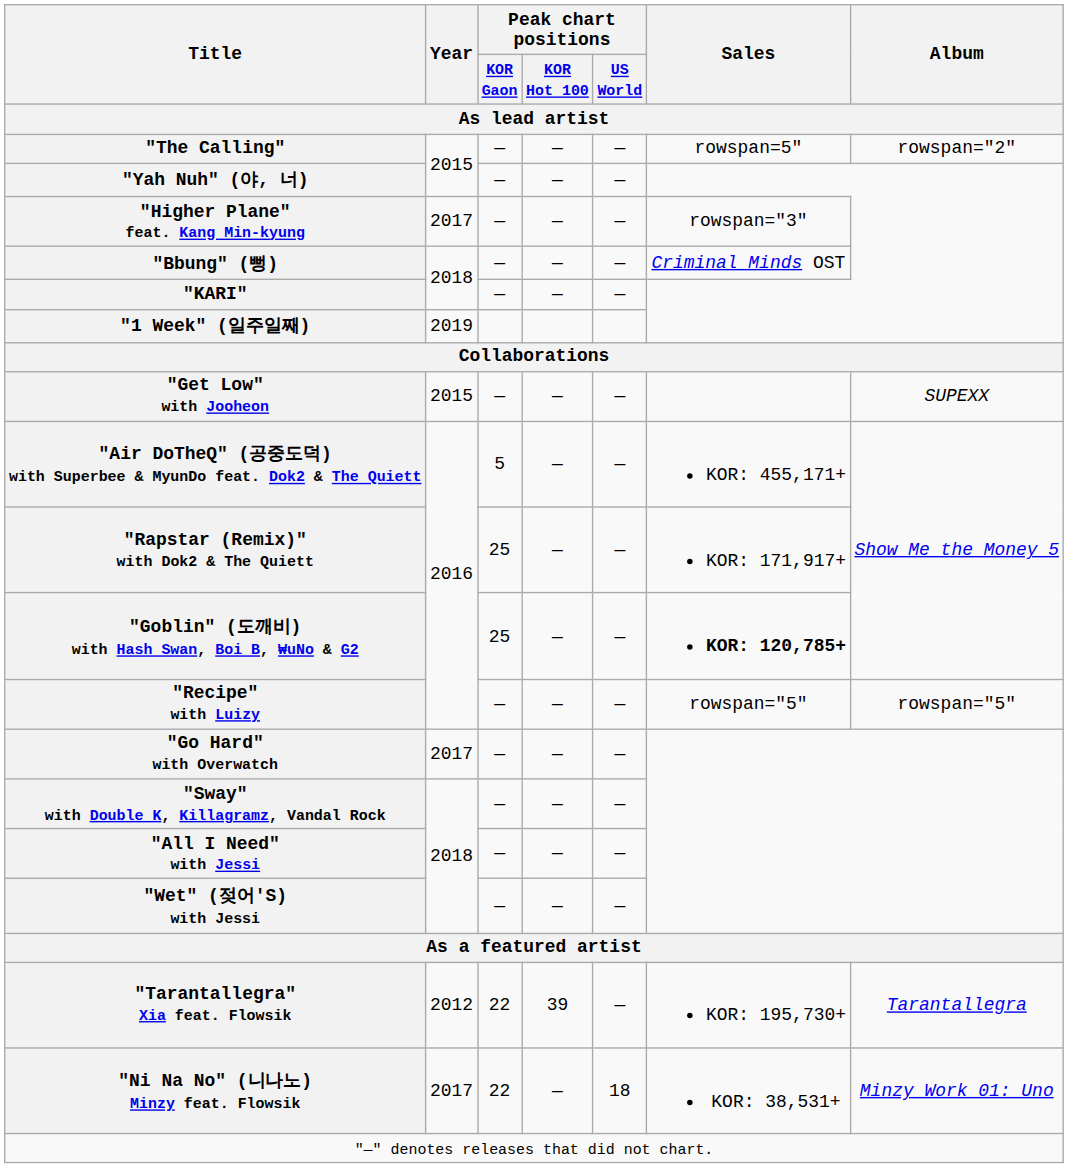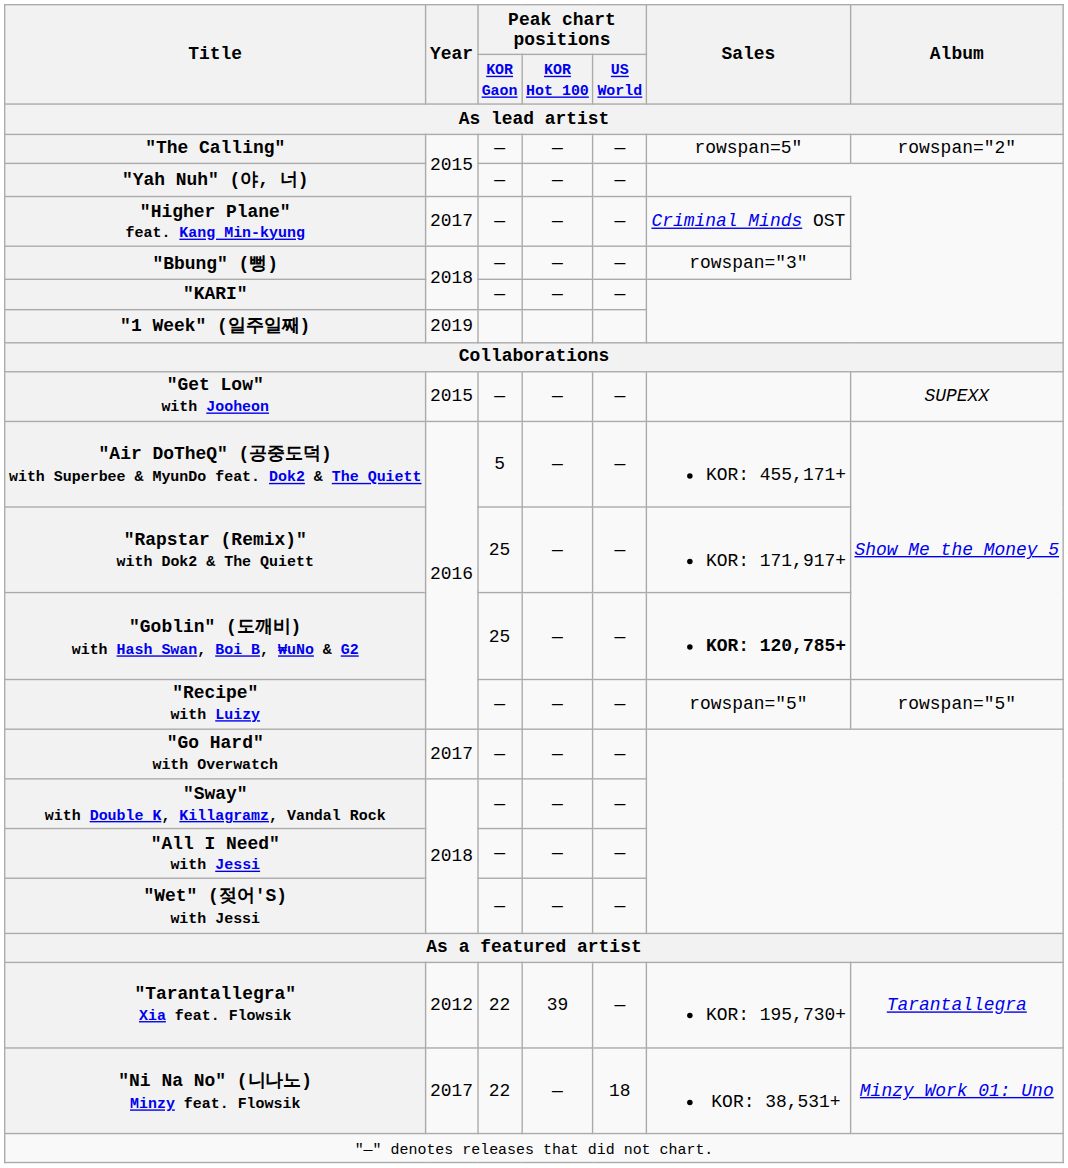 <table class="wikitable plainrowheaders" style="text-align:center;">
 <tr>
 <th scope="col" rowspan="2">Title</th>
 <th scope="col" rowspan="2">Year</th>
 <th colspan="3" scope="col">Peak chart <br> positions</th>
 <th scope="col" rowspan="2">Sales</th>
 <th scope="col" rowspan="2">Album</th>
 </tr>
 <tr>
 <th><small><a href='#'>KOR<br>Gaon</a></small><br></th>
 <th><small><a href='#'>KOR<br>Hot 100</a></small><br></th>
 <th><small><a href='#'>US<br>World</a></small><br></th>
 </tr>
 <tr>
 <th colspan="7" scope="col">As lead artist</th>
 </tr>
 <tr>
 <th scope="row">"The Calling"</th>
 <td rowspan="2">2015</td>
 <td>—</td>
 <td>—</td>
 <td>—</td>
 <td>rowspan=5" </td>
 <td>rowspan="2" </td>
 </tr>
 <tr>
 <th scope="row">"Yah Nuh" (야, 너)</th>
 <td>—</td>
 <td>—</td>
 <td>—</td>
 </tr>
 <tr>
 <th scope="row">"Higher Plane" <br><small> feat. <a href='#'>Kang Min-kyung</a></small></th>
 <td>2017</td>
 <td>—</td>
 <td>—</td>
 <td>—</td>
-<td>rowspan="3" </td>
+<td><em><a href='#'>Criminal Minds</a></em> OST</td>
 </tr>
 <tr>
 <th scope="row">"Bbung" (뻥)</th>
 <td rowspan="2">2018</td>
 <td>—</td>
 <td>—</td>
 <td>—</td>
-<td><em><a href='#'>Criminal Minds</a></em> OST</td>
+<td>rowspan="3" </td>
 </tr>
 <tr>
 <th scope="row">"KARI"</th>
 <td>—</td>
 <td>—</td>
 <td>—</td>
 </tr>
 <tr>
 <th scope="row">"1 Week" (일주일째)<br></th>
 <td>2019</td>
 <td></td>
 <td></td>
 <td></td>
 </tr>
 <tr>
 <th colspan="7" scope="col">Collaborations</th>
 </tr>
 <tr>
 <th scope="row">"Get Low" <br><small>with <a href='#'>Jooheon</a></small></th>
 <td rowspan="1">2015</td>
 <td>—</td>
 <td>—</td>
 <td>—</td>
 <td></td>
 <td><em>SUPEXX</em></td>
 </tr>
 <tr>
 <th scope="row">"Air DoTheQ" (공중도덕) <br><small>with Superbee & MyunDo feat. <a href='#'>Dok2</a> & <a href='#'>The Quiett</a></small></th>
 <td rowspan="4">2016</td>
 <td>5</td>
 <td>—</td>
 <td>—</td>
 <td><br><ul><li>KOR: 455,171+</li></ul></td>
 <td rowspan="3"><em><a href='#'>Show Me the Money 5</a></em></td>
 </tr>
 <tr>
 <th scope="row">"Rapstar (Remix)" <br><small>with Dok2 & The Quiett</small></th>
 <td>25</td>
 <td>—</td>
 <td>—</td>
 <td><br><ul><li>KOR: 171,917+</li></ul></td>
 </tr>
 <tr>
 <th scope="row">"Goblin" (도깨비) <br><small>with <a href='#'>Hash Swan</a>, <a href='#'>Boi B</a>, <a href='#'>₩uNo</a> & <a href='#'>G2</a></small></th>
 <td>25</td>
 <td>—</td>
 <td>—</td>
 <td><strong><br><ul><li>KOR: 120,785+</li></ul></strong></td>
 </tr>
 <tr>
 <th scope="row">"Recipe" <br><small>with <a href='#'>Luizy</a></small></th>
 <td>—</td>
 <td>—</td>
 <td>—</td>
 <td>rowspan="5" </td>
 <td>rowspan="5" </td>
 </tr>
 <tr>
 <th scope="row">"Go Hard" <br><small>with Overwatch</small></th>
 <td>2017</td>
 <td>—</td>
 <td>—</td>
 <td>—</td>
 </tr>
 <tr>
 <th scope="row">"Sway" <br><small>with <a href='#'>Double K</a>, <a href='#'>Killagramz</a>, Vandal Rock</small></th>
 <td rowspan="3">2018</td>
 <td>—</td>
 <td>—</td>
 <td>—</td>
 </tr>
 <tr>
 <th scope="row">"All I Need" <br><small>with <a href='#'>Jessi</a></small></th>
 <td>—</td>
 <td>—</td>
 <td>—</td>
 </tr>
 <tr>
 <th scope="row">"Wet" (젖어'S) <br><small>with Jessi</small></th>
 <td>—</td>
 <td>—</td>
 <td>—</td>
 </tr>
 <tr>
 <th colspan="7" scope="col">As a featured artist</th>
 </tr>
 <tr>
 <th scope="row">"Tarantallegra"<br><small><a href='#'>Xia</a> feat. Flowsik</small></th>
 <td>2012</td>
 <td>22</td>
 <td>39</td>
 <td>—</td>
 <td><br><ul><li>KOR: 195,730+</li></ul></td>
 <td><em><a href='#'>Tarantallegra</a></em></td>
 </tr>
 <tr>
 <th scope="row">"Ni Na No" (니나노)<br><small><a href='#'>Minzy</a> feat. Flowsik</small></th>
 <td>2017</td>
 <td>22</td>
 <td>—</td>
 <td>18</td>
 <td><br><ul><li>KOR: 38,531+</li></ul></td>
 <td><em><a href='#'>Minzy Work 01: Uno</a></em></td>
 </tr>
 <tr>
 <td colspan="7" align="center"><small>"—" denotes releases that did not chart.</small></td>
 </tr>
 </table>
